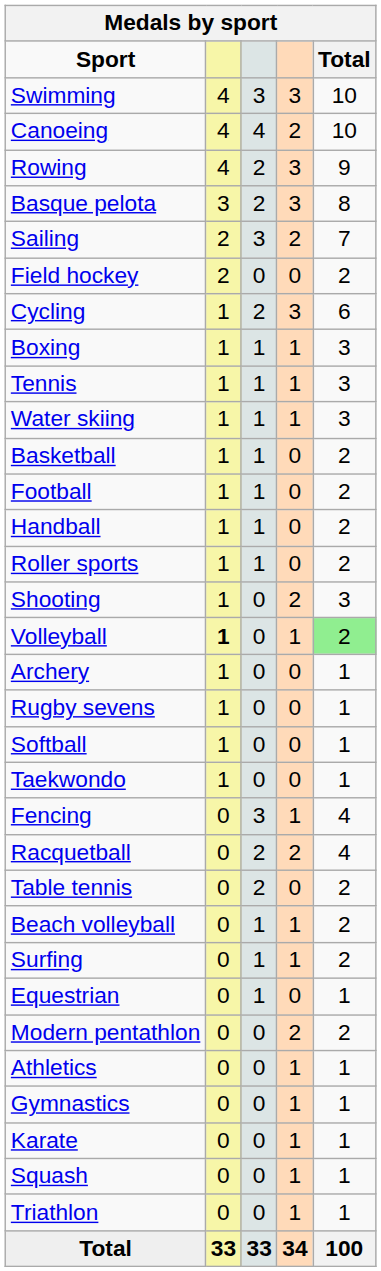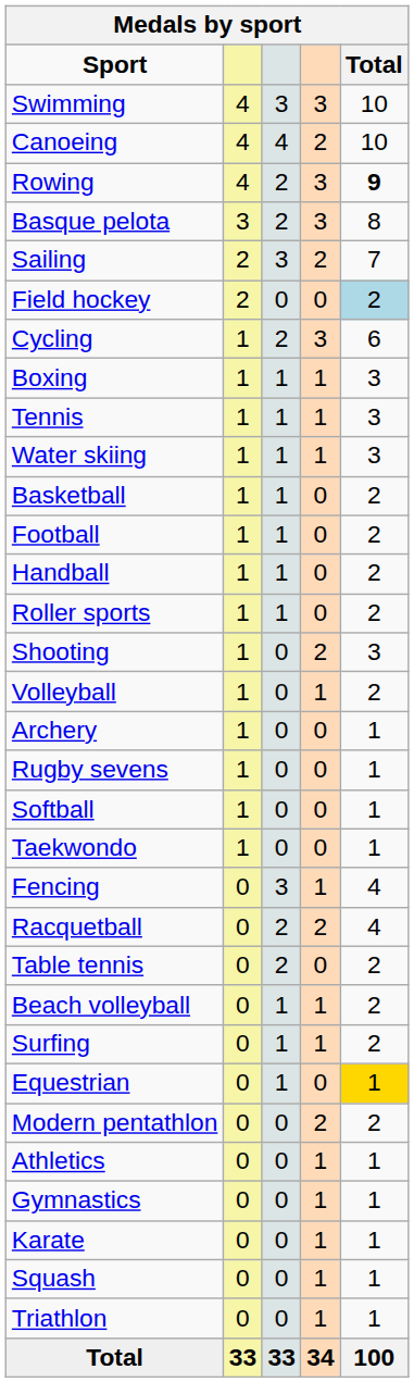 <table class="wikitable" border="1" ; style="float:right">
 <tr>
 <th colspan=5>Medals by sport</th>
 </tr>
 <tr style="text-align:center">
 <td><strong>Sport</strong></td>
 <th style="background:#f7f6a8"></th>
 <th style="background:#dce5e5"></th>
 <th style="background:#ffdab9"></th>
 <th>Total</th>
 </tr>
 <tr style="text-align:center">
 <td style="text-align:left"><a href='#'>Swimming</a></td>
 <td style="background:#f7f6a8">4</td>
 <td style="background:#dce5e5">3</td>
 <td style="background:#ffdab9">3</td>
 <td>10</td>
 </tr>
 <tr style="text-align:center">
 <td style="text-align:left"><a href='#'>Canoeing</a></td>
 <td style="background:#f7f6a8">4</td>
 <td style="background:#dce5e5">4</td>
 <td style="background:#ffdab9">2</td>
 <td>10</td>
 </tr>
 <tr style="text-align:center">
 <td style="text-align:left"><a href='#'>Rowing</a></td>
 <td style="background:#f7f6a8">4</td>
 <td style="background:#dce5e5">2</td>
 <td style="background:#ffdab9">3</td>
-<td>9</td>
+<td><strong>9</strong></td>
 </tr>
 <tr style="text-align:center">
 <td style="text-align:left"><a href='#'>Basque pelota</a></td>
 <td style="background:#f7f6a8">3</td>
 <td style="background:#dce5e5">2</td>
 <td style="background:#ffdab9">3</td>
 <td>8</td>
 </tr>
 <tr style="text-align:center">
 <td style="text-align:left"><a href='#'>Sailing</a></td>
 <td style="background:#f7f6a8">2</td>
 <td style="background:#dce5e5">3</td>
 <td style="background:#ffdab9">2</td>
 <td>7</td>
 </tr>
 <tr style="text-align:center">
 <td style="text-align:left"><a href='#'>Field hockey</a></td>
 <td style="background:#f7f6a8">2</td>
 <td style="background:#dce5e5">0</td>
 <td style="background:#ffdab9">0</td>
-<td>2</td>
+<td style="background: lightblue;">2</td>
 </tr>
 <tr style="text-align:center">
 <td style="text-align:left"><a href='#'>Cycling</a></td>
 <td style="background:#f7f6a8">1</td>
 <td style="background:#dce5e5">2</td>
 <td style="background:#ffdab9">3</td>
 <td>6</td>
 </tr>
 <tr style="text-align:center">
 <td style="text-align:left"><a href='#'>Boxing</a></td>
 <td style="background:#f7f6a8">1</td>
 <td style="background:#dce5e5">1</td>
 <td style="background:#ffdab9">1</td>
 <td>3</td>
 </tr>
 <tr style="text-align:center">
 <td style="text-align:left"><a href='#'>Tennis</a></td>
 <td style="background:#f7f6a8">1</td>
 <td style="background:#dce5e5">1</td>
 <td style="background:#ffdab9">1</td>
 <td>3</td>
 </tr>
 <tr style="text-align:center">
 <td style="text-align:left"><a href='#'>Water skiing</a></td>
 <td style="background:#f7f6a8">1</td>
 <td style="background:#dce5e5">1</td>
 <td style="background:#ffdab9">1</td>
 <td>3</td>
 </tr>
 <tr style="text-align:center">
 <td style="text-align:left"><a href='#'>Basketball</a></td>
 <td style="background:#f7f6a8">1</td>
 <td style="background:#dce5e5">1</td>
 <td style="background:#ffdab9">0</td>
 <td>2</td>
 </tr>
 <tr style="text-align:center">
 <td style="text-align:left"><a href='#'>Football</a></td>
 <td style="background:#f7f6a8">1</td>
 <td style="background:#dce5e5">1</td>
 <td style="background:#ffdab9">0</td>
 <td>2</td>
 </tr>
 <tr style="text-align:center">
 <td style="text-align:left"><a href='#'>Handball</a></td>
 <td style="background:#f7f6a8">1</td>
 <td style="background:#dce5e5">1</td>
 <td style="background:#ffdab9">0</td>
 <td>2</td>
 </tr>
 <tr style="text-align:center">
 <td style="text-align:left"><a href='#'>Roller sports</a></td>
 <td style="background:#f7f6a8">1</td>
 <td style="background:#dce5e5">1</td>
 <td style="background:#ffdab9">0</td>
 <td>2</td>
 </tr>
 <tr style="text-align:center">
 <td style="text-align:left"><a href='#'>Shooting</a></td>
 <td style="background:#f7f6a8">1</td>
 <td style="background:#dce5e5">0</td>
 <td style="background:#ffdab9">2</td>
 <td>3</td>
 </tr>
 <tr style="text-align:center">
 <td style="text-align:left"><a href='#'>Volleyball</a></td>
-<td style="background:#f7f6a8"><strong>1</strong></td>
+<td style="background:#f7f6a8">1</td>
 <td style="background:#dce5e5">0</td>
 <td style="background:#ffdab9">1</td>
-<td style="background: lightgreen;">2</td>
+<td>2</td>
 </tr>
 <tr style="text-align:center">
 <td style="text-align:left"><a href='#'>Archery</a></td>
 <td style="background:#f7f6a8">1</td>
 <td style="background:#dce5e5">0</td>
 <td style="background:#ffdab9">0</td>
 <td>1</td>
 </tr>
 <tr style="text-align:center">
 <td style="text-align:left"><a href='#'>Rugby sevens</a></td>
 <td style="background:#f7f6a8">1</td>
 <td style="background:#dce5e5">0</td>
 <td style="background:#ffdab9">0</td>
 <td>1</td>
 </tr>
 <tr style="text-align:center">
 <td style="text-align:left"><a href='#'>Softball</a></td>
 <td style="background:#f7f6a8">1</td>
 <td style="background:#dce5e5">0</td>
 <td style="background:#ffdab9">0</td>
 <td>1</td>
 </tr>
 <tr style="text-align:center">
 <td style="text-align:left"><a href='#'>Taekwondo</a></td>
 <td style="background:#f7f6a8">1</td>
 <td style="background:#dce5e5">0</td>
 <td style="background:#ffdab9">0</td>
 <td>1</td>
 </tr>
 <tr style="text-align:center">
 <td style="text-align:left"><a href='#'>Fencing</a></td>
 <td style="background:#f7f6a8">0</td>
 <td style="background:#dce5e5">3</td>
 <td style="background:#ffdab9">1</td>
 <td>4</td>
 </tr>
 <tr style="text-align:center">
 <td style="text-align:left"><a href='#'>Racquetball</a></td>
 <td style="background:#f7f6a8">0</td>
 <td style="background:#dce5e5">2</td>
 <td style="background:#ffdab9">2</td>
 <td>4</td>
 </tr>
 <tr style="text-align:center">
 <td style="text-align:left"><a href='#'>Table tennis</a></td>
 <td style="background:#f7f6a8">0</td>
 <td style="background:#dce5e5">2</td>
 <td style="background:#ffdab9">0</td>
 <td>2</td>
 </tr>
 <tr style="text-align:center">
 <td style="text-align:left"><a href='#'>Beach volleyball</a></td>
 <td style="background:#f7f6a8">0</td>
 <td style="background:#dce5e5">1</td>
 <td style="background:#ffdab9">1</td>
 <td>2</td>
 </tr>
 <tr style="text-align:center">
 <td style="text-align:left"><a href='#'>Surfing</a></td>
 <td style="background:#f7f6a8">0</td>
 <td style="background:#dce5e5">1</td>
 <td style="background:#ffdab9">1</td>
 <td>2</td>
 </tr>
 <tr style="text-align:center">
 <td style="text-align:left"><a href='#'>Equestrian</a></td>
 <td style="background:#f7f6a8">0</td>
 <td style="background:#dce5e5">1</td>
 <td style="background:#ffdab9">0</td>
-<td>1</td>
+<td style="background: gold;">1</td>
 </tr>
 <tr style="text-align:center">
 <td style="text-align:left"><a href='#'>Modern pentathlon</a></td>
 <td style="background:#f7f6a8">0</td>
 <td style="background:#dce5e5">0</td>
 <td style="background:#ffdab9">2</td>
 <td>2</td>
 </tr>
 <tr style="text-align:center">
 <td style="text-align:left"><a href='#'>Athletics</a></td>
 <td style="background:#f7f6a8">0</td>
 <td style="background:#dce5e5">0</td>
 <td style="background:#ffdab9">1</td>
 <td>1</td>
 </tr>
 <tr style="text-align:center">
 <td style="text-align:left"><a href='#'>Gymnastics</a></td>
 <td style="background:#f7f6a8">0</td>
 <td style="background:#dce5e5">0</td>
 <td style="background:#ffdab9">1</td>
 <td>1</td>
 </tr>
 <tr style="text-align:center">
 <td style="text-align:left"><a href='#'>Karate</a></td>
 <td style="background:#f7f6a8">0</td>
 <td style="background:#dce5e5">0</td>
 <td style="background:#ffdab9">1</td>
 <td>1</td>
 </tr>
 <tr style="text-align:center">
 <td style="text-align:left"><a href='#'>Squash</a></td>
 <td style="background:#f7f6a8">0</td>
 <td style="background:#dce5e5">0</td>
 <td style="background:#ffdab9">1</td>
 <td>1</td>
 </tr>
 <tr style="text-align:center">
 <td style="text-align:left"><a href='#'>Triathlon</a></td>
 <td style="background:#f7f6a8">0</td>
 <td style="background:#dce5e5">0</td>
 <td style="background:#ffdab9">1</td>
 <td>1</td>
 </tr>
 <tr style="text-align:center">
 <th style="background:#efefef">Total</th>
 <th style="background:#f7f6a8">33</th>
 <th style="background:#dce5e5">33</th>
 <th style="background:#ffdab9">34</th>
 <th>100</th>
 </tr>
 </table>
